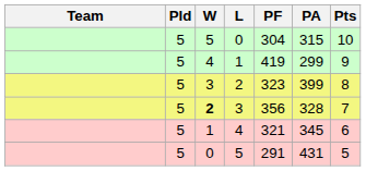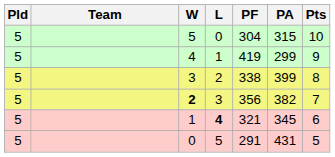 <table class="wikitable" style="text-align:center;">
 <tr>
+<th width=25>Pld</th>
 <th width=170>Team</th>
-<th width=25>Pld</th>
 <th width=25>W</th>
 <th width=25>L</th>
 <th width=35>PF</th>
 <th width=35>PA</th>
 <th width=25>Pts</th>
 </tr>
 <tr bgcolor=#ccffcc>
+<td>5</td>
 <td style="text-align:left"></td>
-<td>5</td>
 <td>5</td>
 <td>0</td>
 <td>304</td>
 <td>315</td>
 <td>10</td>
 </tr>
 <tr bgcolor=#ccffcc>
+<td>5</td>
 <td style="text-align:left"></td>
-<td>5</td>
 <td>4</td>
 <td>1</td>
 <td>419</td>
 <td>299</td>
 <td>9</td>
 </tr>
 <tr bgcolor=#F3F781>
+<td>5</td>
 <td style="text-align:left"></td>
-<td>5</td>
 <td>3</td>
 <td>2</td>
-<td>323</td>
+<td>338</td>
 <td>399</td>
 <td>8</td>
 </tr>
 <tr bgcolor=#F3F781>
+<td>5</td>
 <td style="text-align:left"></td>
-<td>5</td>
 <td><strong>2</strong></td>
 <td>3</td>
 <td>356</td>
-<td>328</td>
+<td>382</td>
 <td>7</td>
 </tr>
 <tr bgcolor=#ffcccc>
+<td>5</td>
 <td style="text-align:left"></td>
-<td>5</td>
 <td>1</td>
-<td>4</td>
+<td><strong>4</strong></td>
 <td>321</td>
 <td>345</td>
 <td>6</td>
 </tr>
 <tr bgcolor=#ffcccc>
+<td>5</td>
 <td style="text-align:left"></td>
-<td>5</td>
 <td>0</td>
 <td>5</td>
 <td>291</td>
 <td>431</td>
 <td>5</td>
 </tr>
 </table>
